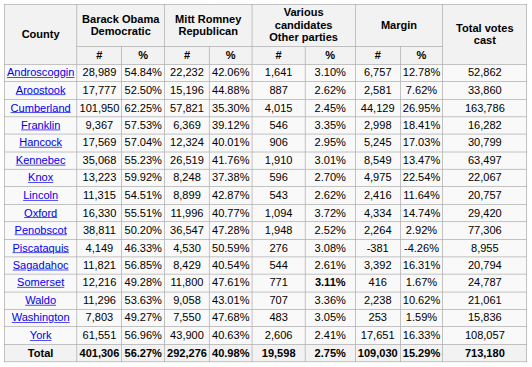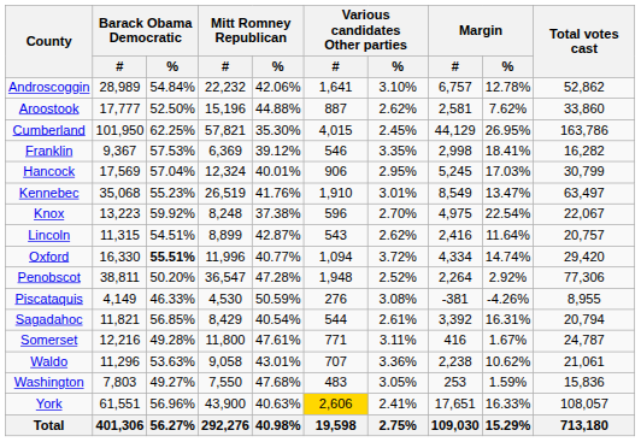 <table width="60%"  class="wikitable sortable" style="text-align:center">
 <tr>
 <th style="text-align:center;" rowspan="2">County</th>
 <th style="text-align:center;" colspan="2">Barack Obama<br>Democratic</th>
 <th style="text-align:center;" colspan="2">Mitt Romney<br>Republican</th>
 <th style="text-align:center;" colspan="2">Various candidates<br>Other parties</th>
 <th style="text-align:center;" colspan="2">Margin</th>
 <th style="text-align:center;" rowspan="2">Total votes cast</th>
 </tr>
 <tr>
 <th style="text-align:center;" data-sort-type="number">#</th>
 <th style="text-align:center;" data-sort-type="number">%</th>
 <th style="text-align:center;" data-sort-type="number">#</th>
 <th style="text-align:center;" data-sort-type="number">%</th>
 <th style="text-align:center;" data-sort-type="number">#</th>
 <th style="text-align:center;" data-sort-type="number">%</th>
 <th style="text-align:center;" data-sort-type="number">#</th>
 <th style="text-align:center;" data-sort-type="number">%</th>
 </tr>
 <tr style="text-align:center;">
 <td><a href='#'>Androscoggin</a></td>
 <td>28,989</td>
 <td>54.84%</td>
 <td>22,232</td>
 <td>42.06%</td>
 <td>1,641</td>
 <td>3.10%</td>
 <td>6,757</td>
 <td>12.78%</td>
 <td>52,862</td>
 </tr>
 <tr style="text-align:center;">
 <td><a href='#'>Aroostook</a></td>
 <td>17,777</td>
 <td>52.50%</td>
 <td>15,196</td>
 <td>44.88%</td>
 <td>887</td>
 <td>2.62%</td>
 <td>2,581</td>
 <td>7.62%</td>
 <td>33,860</td>
 </tr>
 <tr style="text-align:center;">
 <td><a href='#'>Cumberland</a></td>
 <td>101,950</td>
 <td>62.25%</td>
 <td>57,821</td>
 <td>35.30%</td>
 <td>4,015</td>
 <td>2.45%</td>
 <td>44,129</td>
 <td>26.95%</td>
 <td>163,786</td>
 </tr>
 <tr style="text-align:center;">
 <td><a href='#'>Franklin</a></td>
 <td>9,367</td>
 <td>57.53%</td>
 <td>6,369</td>
 <td>39.12%</td>
 <td>546</td>
 <td>3.35%</td>
 <td>2,998</td>
 <td>18.41%</td>
 <td>16,282</td>
 </tr>
 <tr style="text-align:center;">
 <td><a href='#'>Hancock</a></td>
 <td>17,569</td>
 <td>57.04%</td>
 <td>12,324</td>
 <td>40.01%</td>
 <td>906</td>
 <td>2.95%</td>
 <td>5,245</td>
 <td>17.03%</td>
 <td>30,799</td>
 </tr>
 <tr style="text-align:center;">
 <td><a href='#'>Kennebec</a></td>
 <td>35,068</td>
 <td>55.23%</td>
 <td>26,519</td>
 <td>41.76%</td>
 <td>1,910</td>
 <td>3.01%</td>
 <td>8,549</td>
 <td>13.47%</td>
 <td>63,497</td>
 </tr>
 <tr style="text-align:center;">
 <td><a href='#'>Knox</a></td>
 <td>13,223</td>
 <td>59.92%</td>
 <td>8,248</td>
 <td>37.38%</td>
 <td>596</td>
 <td>2.70%</td>
 <td>4,975</td>
 <td>22.54%</td>
 <td>22,067</td>
 </tr>
 <tr style="text-align:center;">
 <td><a href='#'>Lincoln</a></td>
 <td>11,315</td>
 <td>54.51%</td>
 <td>8,899</td>
 <td>42.87%</td>
 <td>543</td>
 <td>2.62%</td>
 <td>2,416</td>
 <td>11.64%</td>
 <td>20,757</td>
 </tr>
 <tr style="text-align:center;">
 <td><a href='#'>Oxford</a></td>
 <td>16,330</td>
-<td>55.51%</td>
+<td><strong>55.51%</strong></td>
 <td>11,996</td>
 <td>40.77%</td>
 <td>1,094</td>
 <td>3.72%</td>
 <td>4,334</td>
 <td>14.74%</td>
 <td>29,420</td>
 </tr>
 <tr style="text-align:center;">
 <td><a href='#'>Penobscot</a></td>
 <td>38,811</td>
 <td>50.20%</td>
 <td>36,547</td>
 <td>47.28%</td>
 <td>1,948</td>
 <td>2.52%</td>
 <td>2,264</td>
 <td>2.92%</td>
 <td>77,306</td>
 </tr>
 <tr style="text-align:center;">
 <td><a href='#'>Piscataquis</a></td>
 <td>4,149</td>
 <td>46.33%</td>
 <td>4,530</td>
 <td>50.59%</td>
 <td>276</td>
 <td>3.08%</td>
 <td>-381</td>
 <td>-4.26%</td>
 <td>8,955</td>
 </tr>
 <tr style="text-align:center;">
 <td><a href='#'>Sagadahoc</a></td>
 <td>11,821</td>
 <td>56.85%</td>
 <td>8,429</td>
 <td>40.54%</td>
 <td>544</td>
 <td>2.61%</td>
 <td>3,392</td>
 <td>16.31%</td>
 <td>20,794</td>
 </tr>
 <tr style="text-align:center;">
 <td><a href='#'>Somerset</a></td>
 <td>12,216</td>
 <td>49.28%</td>
 <td>11,800</td>
 <td>47.61%</td>
 <td>771</td>
-<td><strong>3.11%</strong></td>
+<td>3.11%</td>
 <td>416</td>
 <td>1.67%</td>
 <td>24,787</td>
 </tr>
 <tr style="text-align:center;">
 <td><a href='#'>Waldo</a></td>
 <td>11,296</td>
 <td>53.63%</td>
 <td>9,058</td>
 <td>43.01%</td>
 <td>707</td>
 <td>3.36%</td>
 <td>2,238</td>
 <td>10.62%</td>
 <td>21,061</td>
 </tr>
 <tr style="text-align:center;">
 <td><a href='#'>Washington</a></td>
 <td>7,803</td>
 <td>49.27%</td>
 <td>7,550</td>
 <td>47.68%</td>
 <td>483</td>
 <td>3.05%</td>
 <td>253</td>
 <td>1.59%</td>
 <td>15,836</td>
 </tr>
 <tr style="text-align:center;">
 <td><a href='#'>York</a></td>
 <td>61,551</td>
 <td>56.96%</td>
 <td>43,900</td>
 <td>40.63%</td>
-<td>2,606</td>
+<td style="background: gold;">2,606</td>
 <td>2.41%</td>
 <td>17,651</td>
 <td>16.33%</td>
 <td>108,057</td>
 </tr>
 <tr>
 <th>Total</th>
 <th>401,306</th>
 <th>56.27%</th>
 <th>292,276</th>
 <th>40.98%</th>
 <th>19,598</th>
 <th>2.75%</th>
 <th>109,030</th>
 <th>15.29%</th>
 <th>713,180</th>
 </tr>
 </table>
